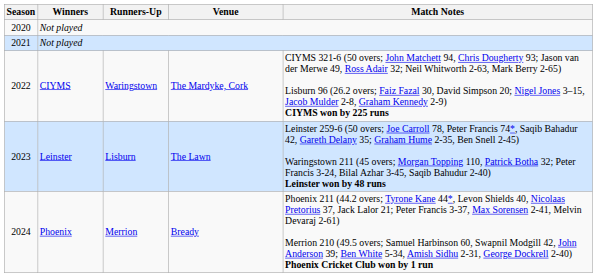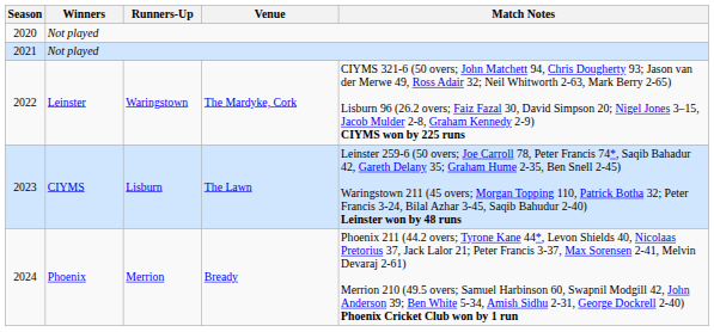 <table class="wikitable">
 <tr>
 <th>Season</th>
 <th style="width:100px;">Winners</th>
 <th style="width:100px;">Runners-Up</th>
 <th style="width:180px;">Venue</th>
 <th style="width:500px;">Match Notes</th>
 </tr>
 <tr>
 <td style="text-align:center;">2020</td>
 <td colspan="4"><em>Not played</em></td>
 </tr>
 <tr style="background: #D0E6FF;">
 <td style="text-align:center;">2021</td>
 <td colspan="4"><em>Not played</em></td>
 </tr>
 <tr>
 <td style="text-align:center;">2022</td>
-<td><a href='#'>CIYMS</a></td>
+<td><a href='#'>Leinster</a></td>
 <td><a href='#'>Waringstown</a></td>
 <td><a href='#'>The Mardyke, Cork</a></td>
 <td>CIYMS 321-6 (50 overs; <a href='#'>John Matchett</a> 94, <a href='#'>Chris Dougherty</a> 93; Jason van der Merwe 49, <a href='#'>Ross Adair</a> 32; Neil Whitworth 2-63, Mark Berry 2-65)<br><br>Lisburn 96 (26.2 overs; <a href='#'>Faiz Fazal</a> 30, David Simpson 20; <a href='#'>Nigel Jones</a> 3–15, <a href='#'>Jacob Mulder</a> 2-8, <a href='#'>Graham Kennedy</a> 2-9) <br><strong>CIYMS won by 225 runs</strong></td>
 </tr>
 <tr style="background: #D0E6FF;">
 <td style="text-align:center;">2023</td>
-<td><a href='#'>Leinster</a></td>
+<td><a href='#'>CIYMS</a></td>
 <td><a href='#'>Lisburn</a></td>
 <td><a href='#'>The Lawn</a></td>
 <td>Leinster 259-6 (50 overs; <a href='#'>Joe Carroll</a> 78, Peter Francis 74<a href='#'>*</a>, Saqib Bahadur 42, <a href='#'>Gareth Delany</a> 35; <a href='#'>Graham Hume</a> 2-35, Ben Snell 2-45)<br><br> Waringstown 211 (45 overs; <a href='#'>Morgan Topping</a> 110, <a href='#'>Patrick Botha</a> 32; Peter Francis 3-24, Bilal Azhar 3-45, Saqib Bahudur 2-40) <br> <strong>Leinster won by 48 runs</strong></td>
 </tr>
 <tr>
 <td style="text-align:center;">2024</td>
 <td><a href='#'>Phoenix</a></td>
 <td><a href='#'>Merrion</a></td>
 <td><a href='#'>Bready</a></td>
 <td>Phoenix 211 (44.2 overs; <a href='#'>Tyrone Kane</a> 44<a href='#'>*</a>, Levon Shields 40, <a href='#'>Nicolaas Pretorius</a> 37, Jack Lalor 21; Peter Francis 3-37, <a href='#'>Max Sorensen</a> 2-41, Melvin Devaraj 2-61)<br><br> Merrion 210 (49.5 overs; Samuel Harbinson 60, Swapnil Modgill 42, <a href='#'>John Anderson</a> 39; <a href='#'>Ben White</a> 5-34, <a href='#'>Amish Sidhu</a> 2-31, <a href='#'>George Dockrell</a> 2-40) <br><strong>Phoenix Cricket Club won by 1 run</strong></td>
 </tr>
 </table>
